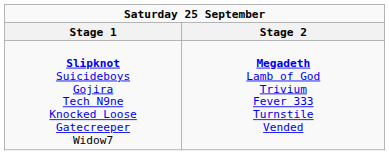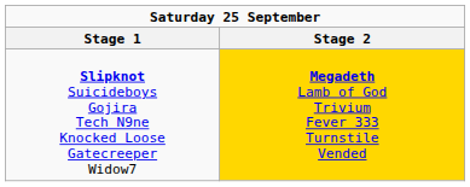 <table class="wikitable">
 <tr>
 <td colspan="4" style="text-align:center;"><strong>Saturday 25 September</strong></td>
 </tr>
 <tr>
 <th>Stage 1</th>
 <th>Stage 2</th>
 </tr>
 <tr>
 <td style="text-align:center; vertical-align:top; width:200px;"><br><strong><a href='#'>Slipknot</a></strong><br> <a href='#'>Suicideboys</a><br> <a href='#'>Gojira</a><br> <a href='#'>Tech N9ne</a><br> <a href='#'>Knocked Loose</a><br> <a href='#'>Gatecreeper</a><br> Widow7<br></td>
-<td style="text-align:center; vertical-align:top; width:230px;"><br><strong><a href='#'>Megadeth</a></strong><br> <a href='#'>Lamb of God</a><br> <a href='#'>Trivium</a><br> <a href='#'>Fever 333</a><br> <a href='#'>Turnstile</a><br> <a href='#'>Vended</a><br></td>
+<td style="background: gold; text-align:center; vertical-align:top; width:230px;"><br><strong><a href='#'>Megadeth</a></strong><br> <a href='#'>Lamb of God</a><br> <a href='#'>Trivium</a><br> <a href='#'>Fever 333</a><br> <a href='#'>Turnstile</a><br> <a href='#'>Vended</a><br></td>
 </tr>
 </table>
